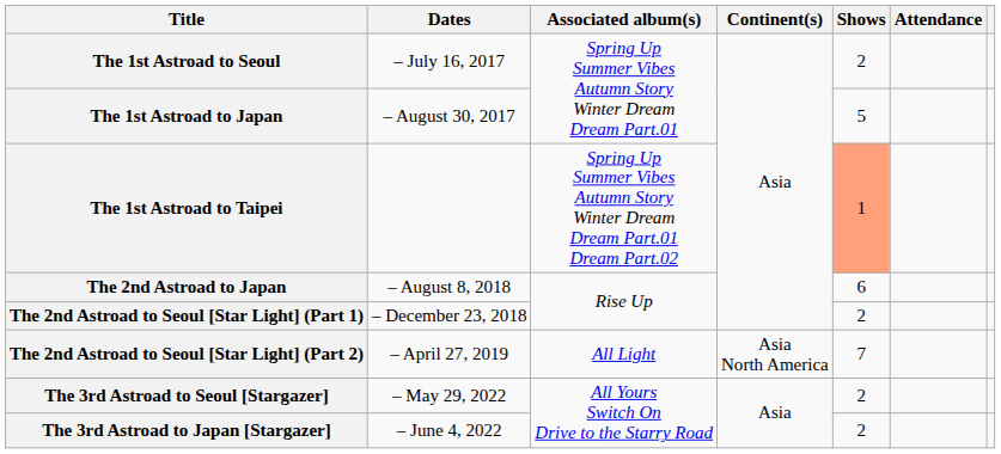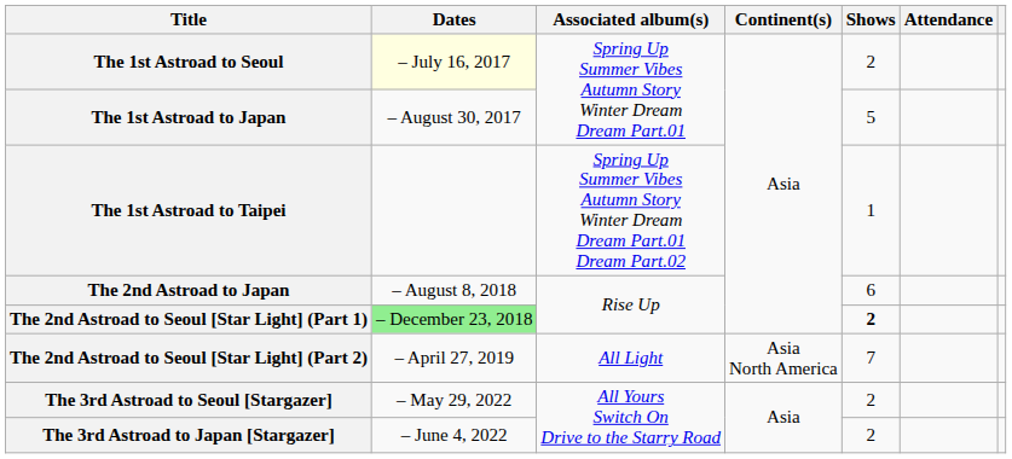 <table class="wikitable sortable plainrowheaders" style="text-align:center">
 <tr>
 <th scope="col">Title</th>
 <th scope="col">Dates</th>
 <th scope="col">Associated album(s)</th>
 <th scope="col">Continent(s)</th>
 <th scope="col">Shows</th>
 <th scope="col">Attendance</th>
 <th scope="col" class="unsortable"></th>
 </tr>
 <tr>
 <th scope="row">The 1st Astroad to Seoul</th>
-<td> – July 16, 2017</td>
+<td style="background: lightyellow;"> – July 16, 2017</td>
 <td rowspan="2"><em><a href='#'>Spring Up</a></em><br><em><a href='#'>Summer Vibes</a></em><br><em><a href='#'>Autumn Story</a></em><br><em>Winter Dream</em><br><em><a href='#'>Dream Part.01</a></em></td>
 <td rowspan="5">Asia</td>
 <td>2</td>
 <td></td>
 <td></td>
 </tr>
 <tr>
 <th scope="row">The 1st Astroad to Japan</th>
 <td> – August 30, 2017</td>
 <td>5</td>
 <td></td>
 <td></td>
 </tr>
 <tr>
 <th scope="row">The 1st Astroad to Taipei</th>
 <td></td>
 <td><em><a href='#'>Spring Up</a></em><br><em><a href='#'>Summer Vibes</a></em><br><em><a href='#'>Autumn Story</a></em><br><em>Winter Dream</em><br><em><a href='#'>Dream Part.01</a></em><br><em><a href='#'>Dream Part.02</a></em></td>
-<td style="background: lightsalmon;">1</td>
+<td>1</td>
 <td></td>
 <td></td>
 </tr>
 <tr>
 <th scope="row">The 2nd Astroad to Japan</th>
 <td> – August 8, 2018</td>
 <td rowspan="2"><em>Rise Up</em></td>
 <td>6</td>
 <td></td>
 <td></td>
 </tr>
 <tr>
 <th scope="row">The 2nd Astroad to Seoul [Star Light] (Part 1)</th>
-<td> – December 23, 2018</td>
-<td>2</td>
+<td style="background: lightgreen;"> – December 23, 2018</td>
+<td><strong>2</strong></td>
 <td></td>
 <td></td>
 </tr>
 <tr>
 <th scope="row">The 2nd Astroad to Seoul [Star Light] (Part 2)</th>
 <td> – April 27, 2019</td>
 <td><em><a href='#'>All Light</a></em></td>
 <td>Asia<br>North America</td>
 <td>7</td>
 <td></td>
 <td></td>
 </tr>
 <tr>
 <th scope="row">The 3rd Astroad to Seoul [Stargazer]</th>
 <td> – May 29, 2022</td>
 <td rowspan="2"><em><a href='#'>All Yours</a></em><br><em><a href='#'>Switch On</a></em><br><em><a href='#'>Drive to the Starry Road</a></em></td>
 <td rowspan="2">Asia</td>
 <td>2</td>
 <td></td>
 <td></td>
 </tr>
 <tr>
 <th scope="row">The 3rd Astroad to Japan [Stargazer]</th>
 <td> – June 4, 2022</td>
 <td>2</td>
 <td></td>
 <td></td>
 </tr>
 </table>
